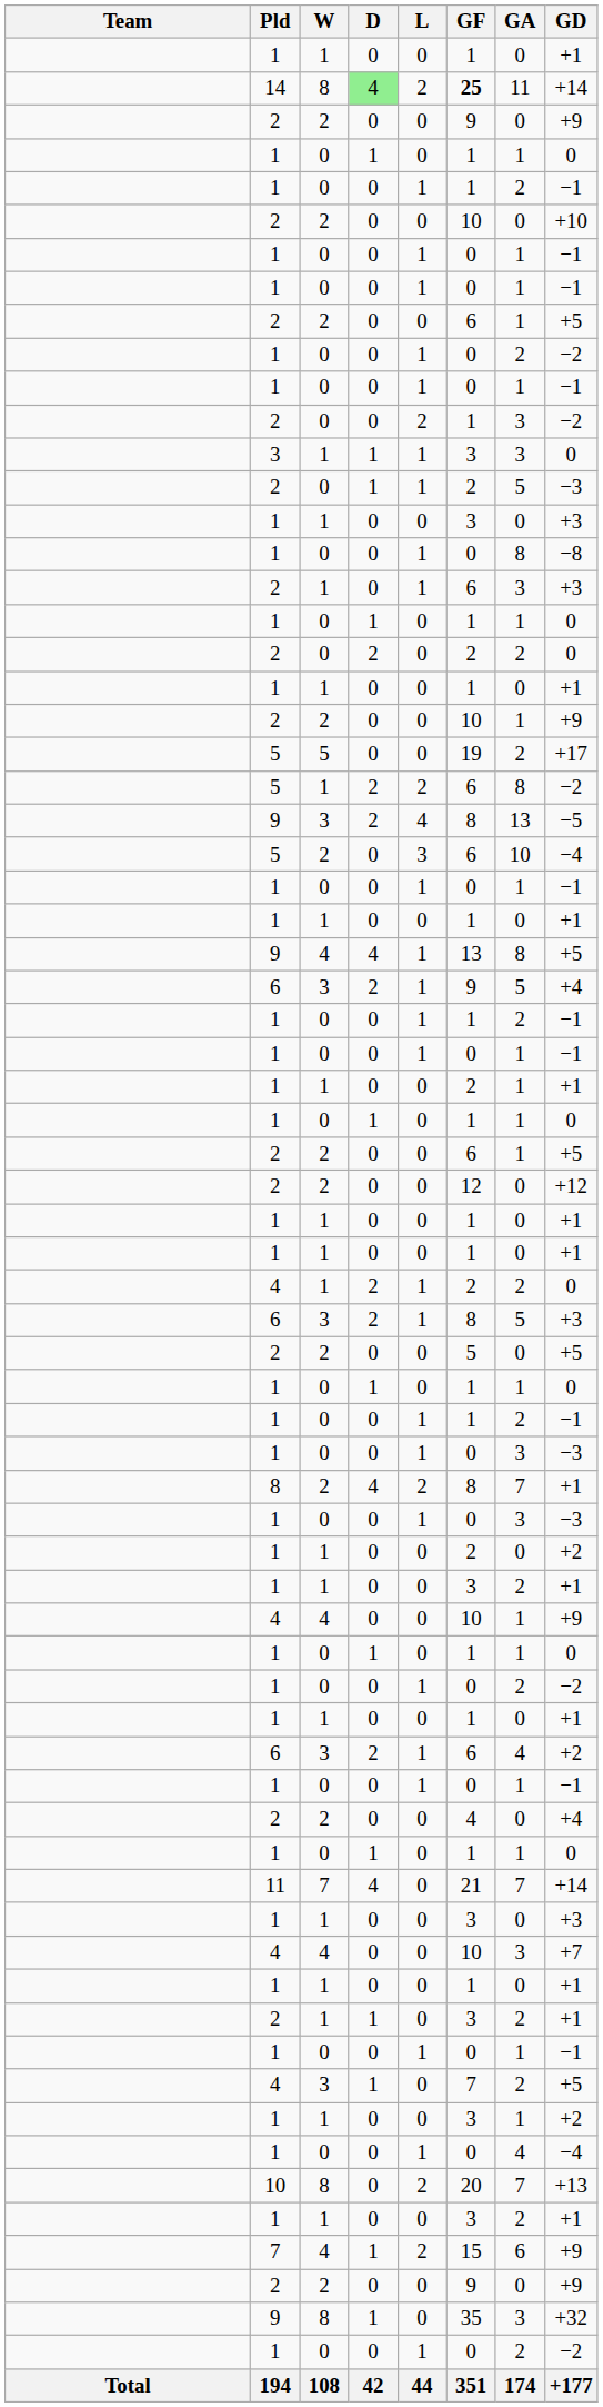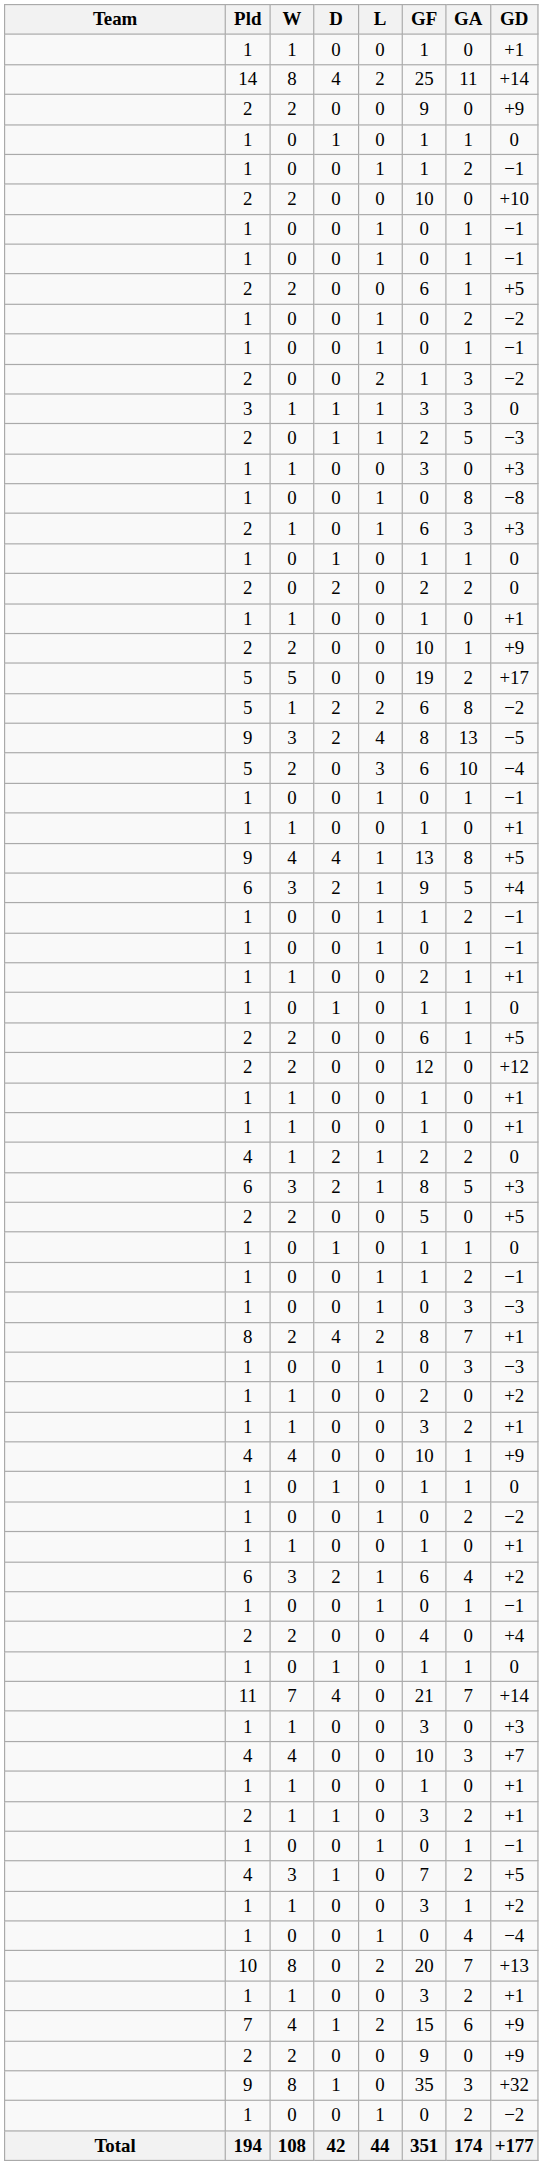 <table class="wikitable" style="text-align: center;">
 <tr>
 <th width=180>Team</th>
 <th width=30>Pld</th>
 <th width=30>W</th>
 <th width=30>D</th>
 <th width=30>L</th>
 <th width=30>GF</th>
 <th width=30>GA</th>
 <th width=30>GD</th>
 </tr>
 <tr>
 <td align="left"></td>
 <td>1</td>
 <td>1</td>
 <td>0</td>
 <td>0</td>
 <td>1</td>
 <td>0</td>
 <td>+1</td>
 </tr>
 <tr>
 <td align="left"></td>
 <td>14</td>
 <td>8</td>
-<td style="background: lightgreen;">4</td>
+<td>4</td>
 <td>2</td>
-<td><strong>25</strong></td>
+<td>25</td>
 <td>11</td>
 <td>+14</td>
 </tr>
 <tr>
 <td align="left"></td>
 <td>2</td>
 <td>2</td>
 <td>0</td>
 <td>0</td>
 <td>9</td>
 <td>0</td>
 <td>+9</td>
 </tr>
 <tr>
 <td align="left"></td>
 <td>1</td>
 <td>0</td>
 <td>1</td>
 <td>0</td>
 <td>1</td>
 <td>1</td>
 <td>0</td>
 </tr>
 <tr>
 <td align="left"></td>
 <td>1</td>
 <td>0</td>
 <td>0</td>
 <td>1</td>
 <td>1</td>
 <td>2</td>
 <td>−1</td>
 </tr>
 <tr>
 <td align="left"></td>
 <td>2</td>
 <td>2</td>
 <td>0</td>
 <td>0</td>
 <td>10</td>
 <td>0</td>
 <td>+10</td>
 </tr>
 <tr>
 <td align="left"></td>
 <td>1</td>
 <td>0</td>
 <td>0</td>
 <td>1</td>
 <td>0</td>
 <td>1</td>
 <td>−1</td>
 </tr>
 <tr>
 <td align="left"></td>
 <td>1</td>
 <td>0</td>
 <td>0</td>
 <td>1</td>
 <td>0</td>
 <td>1</td>
 <td>−1</td>
 </tr>
 <tr>
 <td align="left"></td>
 <td>2</td>
 <td>2</td>
 <td>0</td>
 <td>0</td>
 <td>6</td>
 <td>1</td>
 <td>+5</td>
 </tr>
 <tr>
 <td align="left"></td>
 <td>1</td>
 <td>0</td>
 <td>0</td>
 <td>1</td>
 <td>0</td>
 <td>2</td>
 <td>−2</td>
 </tr>
 <tr>
 <td align="left"></td>
 <td>1</td>
 <td>0</td>
 <td>0</td>
 <td>1</td>
 <td>0</td>
 <td>1</td>
 <td>−1</td>
 </tr>
 <tr>
 <td align="left"></td>
 <td>2</td>
 <td>0</td>
 <td>0</td>
 <td>2</td>
 <td>1</td>
 <td>3</td>
 <td>−2</td>
 </tr>
 <tr>
 <td align="left"></td>
 <td>3</td>
 <td>1</td>
 <td>1</td>
 <td>1</td>
 <td>3</td>
 <td>3</td>
 <td>0</td>
 </tr>
 <tr>
 <td align="left"></td>
 <td>2</td>
 <td>0</td>
 <td>1</td>
 <td>1</td>
 <td>2</td>
 <td>5</td>
 <td>−3</td>
 </tr>
 <tr>
 <td align="left"></td>
 <td>1</td>
 <td>1</td>
 <td>0</td>
 <td>0</td>
 <td>3</td>
 <td>0</td>
 <td>+3</td>
 </tr>
 <tr>
 <td align="left"></td>
 <td>1</td>
 <td>0</td>
 <td>0</td>
 <td>1</td>
 <td>0</td>
 <td>8</td>
 <td>−8</td>
 </tr>
 <tr>
 <td align="left"></td>
 <td>2</td>
 <td>1</td>
 <td>0</td>
 <td>1</td>
 <td>6</td>
 <td>3</td>
 <td>+3</td>
 </tr>
 <tr>
 <td align="left"></td>
 <td>1</td>
 <td>0</td>
 <td>1</td>
 <td>0</td>
 <td>1</td>
 <td>1</td>
 <td>0</td>
 </tr>
 <tr>
 <td align="left"></td>
 <td>2</td>
 <td>0</td>
 <td>2</td>
 <td>0</td>
 <td>2</td>
 <td>2</td>
 <td>0</td>
 </tr>
 <tr>
 <td align="left"></td>
 <td>1</td>
 <td>1</td>
 <td>0</td>
 <td>0</td>
 <td>1</td>
 <td>0</td>
 <td>+1</td>
 </tr>
 <tr>
 <td align="left"></td>
 <td>2</td>
 <td>2</td>
 <td>0</td>
 <td>0</td>
 <td>10</td>
 <td>1</td>
 <td>+9</td>
 </tr>
 <tr>
 <td align="left"></td>
 <td>5</td>
 <td>5</td>
 <td>0</td>
 <td>0</td>
 <td>19</td>
 <td>2</td>
 <td>+17</td>
 </tr>
 <tr>
 <td align="left"></td>
 <td>5</td>
 <td>1</td>
 <td>2</td>
 <td>2</td>
 <td>6</td>
 <td>8</td>
 <td>−2</td>
 </tr>
 <tr>
 <td align="left"></td>
 <td>9</td>
 <td>3</td>
 <td>2</td>
 <td>4</td>
 <td>8</td>
 <td>13</td>
 <td>−5</td>
 </tr>
 <tr>
 <td align="left"></td>
 <td>5</td>
 <td>2</td>
 <td>0</td>
 <td>3</td>
 <td>6</td>
 <td>10</td>
 <td>−4</td>
 </tr>
 <tr>
 <td align="left"></td>
 <td>1</td>
 <td>0</td>
 <td>0</td>
 <td>1</td>
 <td>0</td>
 <td>1</td>
 <td>−1</td>
 </tr>
 <tr>
 <td align="left"></td>
 <td>1</td>
 <td>1</td>
 <td>0</td>
 <td>0</td>
 <td>1</td>
 <td>0</td>
 <td>+1</td>
 </tr>
 <tr>
 <td align="left"></td>
 <td>9</td>
 <td>4</td>
 <td>4</td>
 <td>1</td>
 <td>13</td>
 <td>8</td>
 <td>+5</td>
 </tr>
 <tr>
 <td align="left"></td>
 <td>6</td>
 <td>3</td>
 <td>2</td>
 <td>1</td>
 <td>9</td>
 <td>5</td>
 <td>+4</td>
 </tr>
 <tr>
 <td align="left"></td>
 <td>1</td>
 <td>0</td>
 <td>0</td>
 <td>1</td>
 <td>1</td>
 <td>2</td>
 <td>−1</td>
 </tr>
 <tr>
 <td align="left"></td>
 <td>1</td>
 <td>0</td>
 <td>0</td>
 <td>1</td>
 <td>0</td>
 <td>1</td>
 <td>−1</td>
 </tr>
 <tr>
 <td align="left"></td>
 <td>1</td>
 <td>1</td>
 <td>0</td>
 <td>0</td>
 <td>2</td>
 <td>1</td>
 <td>+1</td>
 </tr>
 <tr>
 <td align="left"></td>
 <td>1</td>
 <td>0</td>
 <td>1</td>
 <td>0</td>
 <td>1</td>
 <td>1</td>
 <td>0</td>
 </tr>
 <tr>
 <td align="left"></td>
 <td>2</td>
 <td>2</td>
 <td>0</td>
 <td>0</td>
 <td>6</td>
 <td>1</td>
 <td>+5</td>
 </tr>
 <tr>
 <td align="left"></td>
 <td>2</td>
 <td>2</td>
 <td>0</td>
 <td>0</td>
 <td>12</td>
 <td>0</td>
 <td>+12</td>
 </tr>
 <tr>
 <td align="left"></td>
 <td>1</td>
 <td>1</td>
 <td>0</td>
 <td>0</td>
 <td>1</td>
 <td>0</td>
 <td>+1</td>
 </tr>
 <tr>
 <td align="left"></td>
 <td>1</td>
 <td>1</td>
 <td>0</td>
 <td>0</td>
 <td>1</td>
 <td>0</td>
 <td>+1</td>
 </tr>
 <tr>
 <td align="left"></td>
 <td>4</td>
 <td>1</td>
 <td>2</td>
 <td>1</td>
 <td>2</td>
 <td>2</td>
 <td>0</td>
 </tr>
 <tr>
 <td align="left"></td>
 <td>6</td>
 <td>3</td>
 <td>2</td>
 <td>1</td>
 <td>8</td>
 <td>5</td>
 <td>+3</td>
 </tr>
 <tr>
 <td align="left"></td>
 <td>2</td>
 <td>2</td>
 <td>0</td>
 <td>0</td>
 <td>5</td>
 <td>0</td>
 <td>+5</td>
 </tr>
 <tr>
 <td align="left"></td>
 <td>1</td>
 <td>0</td>
 <td>1</td>
 <td>0</td>
 <td>1</td>
 <td>1</td>
 <td>0</td>
 </tr>
 <tr>
 <td align="left"></td>
 <td>1</td>
 <td>0</td>
 <td>0</td>
 <td>1</td>
 <td>1</td>
 <td>2</td>
 <td>−1</td>
 </tr>
 <tr>
 <td align="left"></td>
 <td>1</td>
 <td>0</td>
 <td>0</td>
 <td>1</td>
 <td>0</td>
 <td>3</td>
 <td>−3</td>
 </tr>
 <tr>
 <td align="left"></td>
 <td>8</td>
 <td>2</td>
 <td>4</td>
 <td>2</td>
 <td>8</td>
 <td>7</td>
 <td>+1</td>
 </tr>
 <tr>
 <td align="left"></td>
 <td>1</td>
 <td>0</td>
 <td>0</td>
 <td>1</td>
 <td>0</td>
 <td>3</td>
 <td>−3</td>
 </tr>
 <tr>
 <td align="left"></td>
 <td>1</td>
 <td>1</td>
 <td>0</td>
 <td>0</td>
 <td>2</td>
 <td>0</td>
 <td>+2</td>
 </tr>
 <tr>
 <td align="left"></td>
 <td>1</td>
 <td>1</td>
 <td>0</td>
 <td>0</td>
 <td>3</td>
 <td>2</td>
 <td>+1</td>
 </tr>
 <tr>
 <td align="left"></td>
 <td>4</td>
 <td>4</td>
 <td>0</td>
 <td>0</td>
 <td>10</td>
 <td>1</td>
 <td>+9</td>
 </tr>
 <tr>
 <td align="left"></td>
 <td>1</td>
 <td>0</td>
 <td>1</td>
 <td>0</td>
 <td>1</td>
 <td>1</td>
 <td>0</td>
 </tr>
 <tr>
 <td align="left"></td>
 <td>1</td>
 <td>0</td>
 <td>0</td>
 <td>1</td>
 <td>0</td>
 <td>2</td>
 <td>−2</td>
 </tr>
 <tr>
 <td align="left"></td>
 <td>1</td>
 <td>1</td>
 <td>0</td>
 <td>0</td>
 <td>1</td>
 <td>0</td>
 <td>+1</td>
 </tr>
 <tr>
 <td align="left"></td>
 <td>6</td>
 <td>3</td>
 <td>2</td>
 <td>1</td>
 <td>6</td>
 <td>4</td>
 <td>+2</td>
 </tr>
 <tr>
 <td align="left"></td>
 <td>1</td>
 <td>0</td>
 <td>0</td>
 <td>1</td>
 <td>0</td>
 <td>1</td>
 <td>−1</td>
 </tr>
 <tr>
 <td align="left"></td>
 <td>2</td>
 <td>2</td>
 <td>0</td>
 <td>0</td>
 <td>4</td>
 <td>0</td>
 <td>+4</td>
 </tr>
 <tr>
 <td align="left"></td>
 <td>1</td>
 <td>0</td>
 <td>1</td>
 <td>0</td>
 <td>1</td>
 <td>1</td>
 <td>0</td>
 </tr>
 <tr>
 <td align="left"></td>
 <td>11</td>
 <td>7</td>
 <td>4</td>
 <td>0</td>
 <td>21</td>
 <td>7</td>
 <td>+14</td>
 </tr>
 <tr>
 <td align="left"></td>
 <td>1</td>
 <td>1</td>
 <td>0</td>
 <td>0</td>
 <td>3</td>
 <td>0</td>
 <td>+3</td>
 </tr>
 <tr>
 <td align="left"></td>
 <td>4</td>
 <td>4</td>
 <td>0</td>
 <td>0</td>
 <td>10</td>
 <td>3</td>
 <td>+7</td>
 </tr>
 <tr>
 <td align="left"></td>
 <td>1</td>
 <td>1</td>
 <td>0</td>
 <td>0</td>
 <td>1</td>
 <td>0</td>
 <td>+1</td>
 </tr>
 <tr>
 <td align="left"></td>
 <td>2</td>
 <td>1</td>
 <td>1</td>
 <td>0</td>
 <td>3</td>
 <td>2</td>
 <td>+1</td>
 </tr>
 <tr>
 <td align="left"></td>
 <td>1</td>
 <td>0</td>
 <td>0</td>
 <td>1</td>
 <td>0</td>
 <td>1</td>
 <td>−1</td>
 </tr>
 <tr>
 <td align="left"></td>
 <td>4</td>
 <td>3</td>
 <td>1</td>
 <td>0</td>
 <td>7</td>
 <td>2</td>
 <td>+5</td>
 </tr>
 <tr>
 <td align="left"></td>
 <td>1</td>
 <td>1</td>
 <td>0</td>
 <td>0</td>
 <td>3</td>
 <td>1</td>
 <td>+2</td>
 </tr>
 <tr>
 <td align="left"></td>
 <td>1</td>
 <td>0</td>
 <td>0</td>
 <td>1</td>
 <td>0</td>
 <td>4</td>
 <td>−4</td>
 </tr>
 <tr>
 <td align="left"></td>
 <td>10</td>
 <td>8</td>
 <td>0</td>
 <td>2</td>
 <td>20</td>
 <td>7</td>
 <td>+13</td>
 </tr>
 <tr>
 <td align="left"></td>
 <td>1</td>
 <td>1</td>
 <td>0</td>
 <td>0</td>
 <td>3</td>
 <td>2</td>
 <td>+1</td>
 </tr>
 <tr>
 <td align="left"></td>
 <td>7</td>
 <td>4</td>
 <td>1</td>
 <td>2</td>
 <td>15</td>
 <td>6</td>
 <td>+9</td>
 </tr>
 <tr>
 <td align="left"></td>
 <td>2</td>
 <td>2</td>
 <td>0</td>
 <td>0</td>
 <td>9</td>
 <td>0</td>
 <td>+9</td>
 </tr>
 <tr>
 <td align="left"></td>
 <td>9</td>
 <td>8</td>
 <td>1</td>
 <td>0</td>
 <td>35</td>
 <td>3</td>
 <td>+32</td>
 </tr>
 <tr>
 <td align="left"></td>
 <td>1</td>
 <td>0</td>
 <td>0</td>
 <td>1</td>
 <td>0</td>
 <td>2</td>
 <td>−2</td>
 </tr>
 <tr>
 <th>Total</th>
 <th>194</th>
 <th>108</th>
 <th>42</th>
 <th>44</th>
 <th>351</th>
 <th>174</th>
 <th>+177</th>
 </tr>
 </table>
